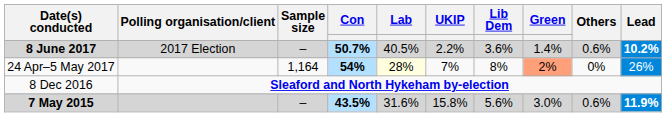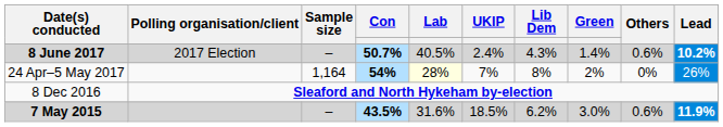 <table class="wikitable sortable mw-datatable" style="text-align:center;font-size:90%;line-height:14px;">
 <tr>
 <th rowspan="2">Date(s)<br>conducted</th>
 <th rowspan="2">Polling organisation/client</th>
 <th rowspan="2">Sample<br>size</th>
 <th style="width:50px;" class="unsortable"><a href='#'>Con</a></th>
 <th style="width:50px;" class="unsortable"><a href='#'>Lab</a></th>
 <th style="width:50px;" class="unsortable"><a href='#'>UKIP</a></th>
 <th style="width:50px;" class="unsortable"><a href='#'>Lib Dem</a></th>
 <th style="width:50px;" class="unsortable"><a href='#'>Green</a></th>
 <th style="width:50px;" rowspan="2" class="unsortable">Others</th>
 <th class="unsortable" style="width:20px;" rowspan="2">Lead</th>
 </tr>
 <tr>
 <th class="unsortable" style="color:inherit;background:"></th>
 <th class="unsortable" style="color:inherit;background:"></th>
 <th class="unsortable" style="color:inherit;background:"></th>
 <th class="unsortable" style="color:inherit;background:"></th>
 <th class="unsortable" style="color:inherit;background:"></th>
 </tr>
 <tr>
 <td style="background:#D5D5D5"><strong>8 June 2017</strong></td>
 <td style="background:#D5D5D5">2017 Election</td>
 <td style="background:#D5D5D5">–</td>
 <td style="background:#B3E0FF"><strong>50.7%</strong></td>
 <td style="background:#D5D5D5">40.5%</td>
-<td style="background:#D5D5D5">2.2%</td>
-<td style="background:#D5D5D5">3.6%</td>
+<td style="background:#D5D5D5">2.4%</td>
+<td style="background:#D5D5D5">4.3%</td>
 <td style="background:#D5D5D5">1.4%</td>
 <td style="background:#D5D5D5">0.6%</td>
 <td style="background:#0087DC; color:white;"><strong>10.2%</strong></td>
 </tr>
 <tr>
 <td>24 Apr–5 May 2017</td>
 <td></td>
 <td>1,164</td>
 <td style="background:#B3E0FF"><strong>54%</strong></td>
 <td style="background: lightyellow;">28%</td>
 <td>7%</td>
 <td>8%</td>
-<td style="background: lightsalmon;">2%</td>
+<td>2%</td>
 <td>0%</td>
 <td style="background:#0087DC; color:white;">26%</td>
 </tr>
 <tr>
 <td>8 Dec 2016</td>
 <td colspan="10"><strong><a href='#'>Sleaford and North Hykeham by-election</a></strong></td>
 </tr>
 <tr>
 <td style="background:#D5D5D5"><strong>7 May 2015</strong></td>
 <td style="background:#D5D5D5"></td>
 <td style="background:#D5D5D5">–</td>
 <td style="background:#B3E0FF"><strong>43.5%</strong></td>
 <td style="background:#D5D5D5">31.6%</td>
-<td style="background:#D5D5D5">15.8%</td>
-<td style="background:#D5D5D5">5.6%</td>
+<td style="background:#D5D5D5">18.5%</td>
+<td style="background:#D5D5D5">6.2%</td>
 <td style="background:#D5D5D5">3.0%</td>
 <td style="background:#D5D5D5">0.6%</td>
 <td style="background:#0087DC; color:white;"><strong>11.9%</strong></td>
 </tr>
 </table>
